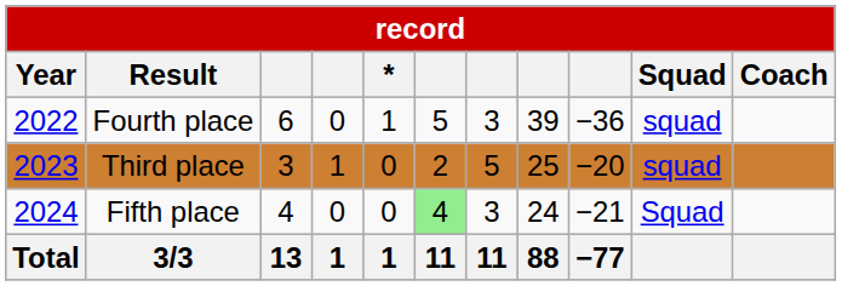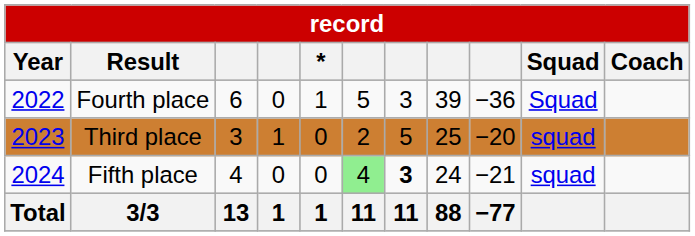 <table class="wikitable mw-collapsible" style="text-align: center;font-size:95%;">
 <tr>
 <th colspan="11" style="background: #CC0000; color: #fff;"><a href='#'></a> record</th>
 </tr>
 <tr>
 <th>Year</th>
 <th>Result</th>
 <th width=20></th>
 <th width=20></th>
 <th width=20>*</th>
 <th width=20></th>
 <th width=20></th>
 <th width=20></th>
 <th width=20></th>
 <th>Squad</th>
 <th>Coach</th>
 </tr>
 <tr>
 <td> <a href='#'>2022</a></td>
 <td>Fourth place</td>
 <td>6</td>
 <td>0</td>
 <td>1</td>
 <td>5</td>
 <td>3</td>
 <td>39</td>
 <td>−36</td>
-<td><a href='#'>squad</a></td>
+<td><a href='#'>Squad</a></td>
 <td></td>
 </tr>
 <tr style="background:#CD7F32;">
 <td> <a href='#'>2023</a></td>
 <td>Third place</td>
 <td>3</td>
 <td>1</td>
 <td>0</td>
 <td>2</td>
 <td>5</td>
 <td>25</td>
 <td>−20</td>
 <td><a href='#'>squad</a></td>
 <td></td>
 </tr>
 <tr>
 <td> <a href='#'>2024</a></td>
 <td>Fifth place</td>
 <td>4</td>
 <td>0</td>
 <td>0</td>
 <td style="background: lightgreen;">4</td>
-<td>3</td>
+<td><strong>3</strong></td>
 <td>24</td>
 <td>−21</td>
-<td><a href='#'>Squad</a></td>
+<td><a href='#'>squad</a></td>
 <td></td>
 </tr>
 <tr>
 <th>Total</th>
 <th>3/3</th>
 <th>13</th>
 <th>1</th>
 <th>1</th>
 <th>11</th>
 <th>11</th>
 <th>88</th>
 <th>−77</th>
 <th></th>
 <th></th>
 </tr>
 </table>
